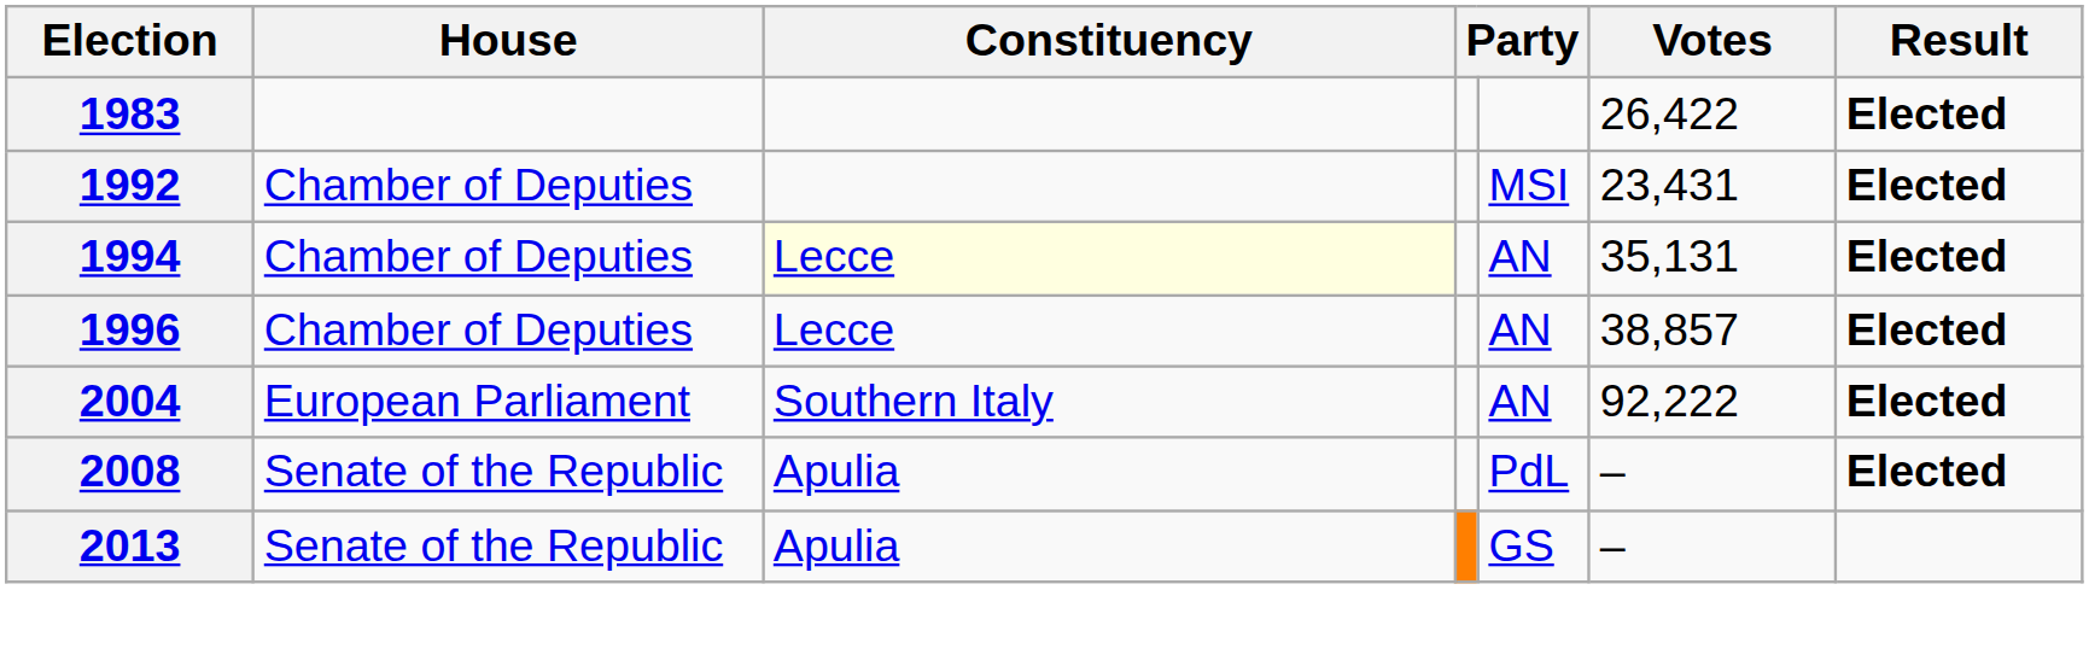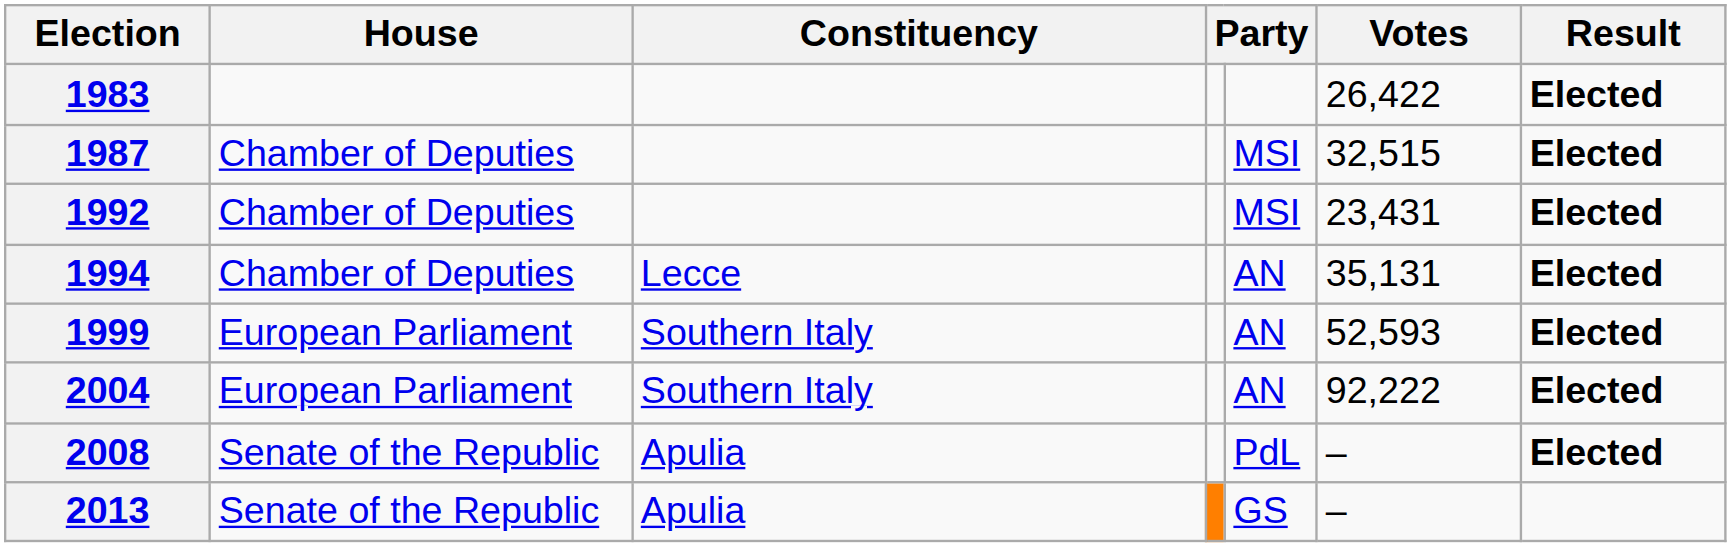 <table class=wikitable style="width:58%; border:1px #AAAAFF solid">
 <tr>
 <th width=12%>Election</th>
 <th width=25%>House</th>
 <th width=34%>Constituency</th>
 <th width=5% colspan="2">Party</th>
 <th width=12%>Votes</th>
 <th width=12%>Result</th>
 </tr>
 <tr>
 <th><a href='#'>1983</a></th>
 <td></td>
 <td></td>
 <td></td>
 <td></td>
 <td>26,422</td>
 <td> <strong>Elected</strong></td>
 </tr>
 <tr>
+<th><a href='#'>1987</a></th>
+<td><a href='#'>Chamber of Deputies</a></td>
+<td></td>
+<td></td>
+<td><a href='#'>MSI</a></td>
+<td>32,515</td>
+<td> <strong>Elected</strong></td>
+</tr>
+<tr>
 <th><a href='#'>1992</a></th>
 <td><a href='#'>Chamber of Deputies</a></td>
 <td></td>
 <td></td>
 <td><a href='#'>MSI</a></td>
 <td>23,431</td>
 <td> <strong>Elected</strong></td>
 </tr>
 <tr>
 <th><a href='#'>1994</a></th>
 <td><a href='#'>Chamber of Deputies</a></td>
-<td style="background: lightyellow;"><a href='#'>Lecce</a></td>
+<td><a href='#'>Lecce</a></td>
 <td></td>
 <td><a href='#'>AN</a></td>
 <td>35,131</td>
 <td> <strong>Elected</strong></td>
 </tr>
 <tr>
-<th><a href='#'>1996</a></th>
-<td><a href='#'>Chamber of Deputies</a></td>
-<td><a href='#'>Lecce</a></td>
+<th><a href='#'>1999</a></th>
+<td><a href='#'>European Parliament</a></td>
+<td><a href='#'>Southern Italy</a></td>
 <td></td>
 <td><a href='#'>AN</a></td>
-<td>38,857</td>
+<td>52,593</td>
 <td> <strong>Elected</strong></td>
 </tr>
 <tr>
 <th><a href='#'>2004</a></th>
 <td><a href='#'>European Parliament</a></td>
 <td><a href='#'>Southern Italy</a></td>
 <td></td>
 <td><a href='#'>AN</a></td>
 <td>92,222</td>
 <td> <strong>Elected</strong></td>
 </tr>
 <tr>
 <th><a href='#'>2008</a></th>
 <td><a href='#'>Senate of the Republic</a></td>
 <td><a href='#'>Apulia</a></td>
 <td></td>
 <td><a href='#'>PdL</a></td>
 <td>–</td>
 <td> <strong>Elected</strong></td>
 </tr>
 <tr>
 <th><a href='#'>2013</a></th>
 <td><a href='#'>Senate of the Republic</a></td>
 <td><a href='#'>Apulia</a></td>
 <td bgcolor="#FF7F00"></td>
 <td><a href='#'>GS</a></td>
 <td>–</td>
 <td></td>
 </tr>
 </table>
